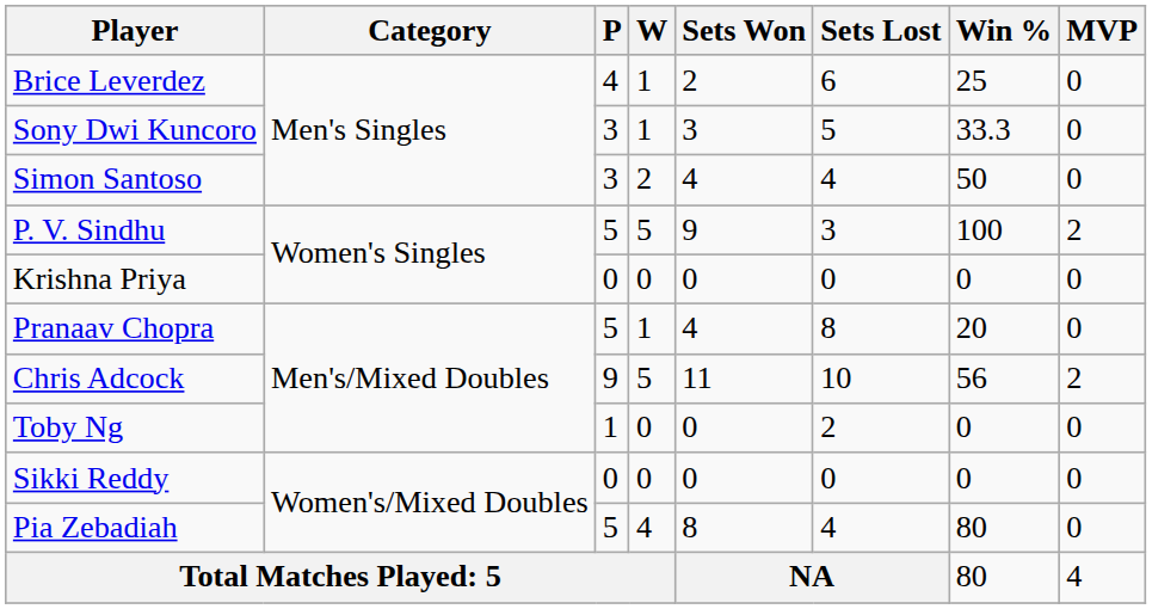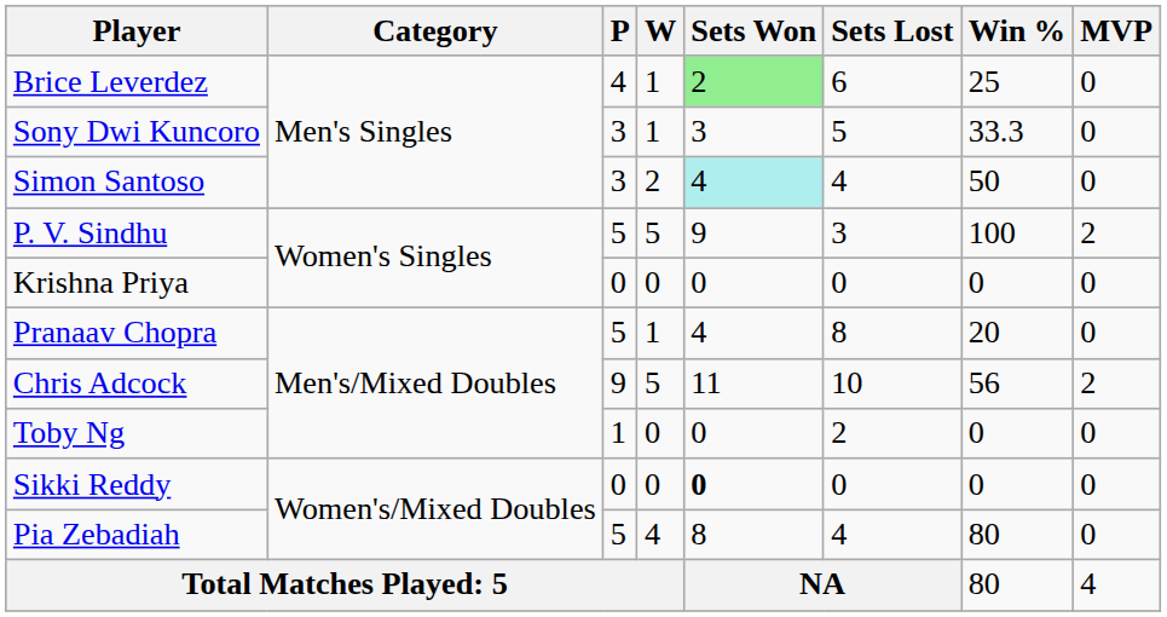 <table class="wikitable">
 <tr>
 <th>Player</th>
 <th>Category</th>
 <th>P</th>
 <th>W</th>
 <th>Sets Won</th>
 <th>Sets Lost</th>
 <th>Win %</th>
 <th>MVP</th>
 </tr>
 <tr>
 <td> <a href='#'>Brice Leverdez</a></td>
 <td rowspan="3">Men's Singles</td>
 <td>4</td>
 <td>1</td>
-<td>2</td>
+<td style="background: lightgreen;">2</td>
 <td>6</td>
 <td>25</td>
 <td>0</td>
 </tr>
 <tr>
 <td> <a href='#'>Sony Dwi Kuncoro</a></td>
 <td>3</td>
 <td>1</td>
 <td>3</td>
 <td>5</td>
 <td>33.3</td>
 <td>0</td>
 </tr>
 <tr>
 <td> <a href='#'>Simon Santoso</a></td>
 <td>3</td>
 <td>2</td>
-<td>4</td>
+<td style="background: paleturquoise;">4</td>
 <td>4</td>
 <td>50</td>
 <td>0</td>
 </tr>
 <tr>
 <td> <a href='#'>P. V. Sindhu</a></td>
 <td rowspan="2">Women's Singles</td>
 <td>5</td>
 <td>5</td>
 <td>9</td>
 <td>3</td>
 <td>100</td>
 <td>2</td>
 </tr>
 <tr>
 <td> Krishna Priya</td>
 <td>0</td>
 <td>0</td>
 <td>0</td>
 <td>0</td>
 <td>0</td>
 <td>0</td>
 </tr>
 <tr>
 <td> <a href='#'>Pranaav Chopra</a></td>
 <td rowspan="3">Men's/Mixed Doubles</td>
 <td>5</td>
 <td>1</td>
 <td>4</td>
 <td>8</td>
 <td>20</td>
 <td>0</td>
 </tr>
 <tr>
 <td> <a href='#'>Chris Adcock</a></td>
 <td>9</td>
 <td>5</td>
 <td>11</td>
 <td>10</td>
 <td>56</td>
 <td>2</td>
 </tr>
 <tr>
 <td> <a href='#'>Toby Ng</a></td>
 <td>1</td>
 <td>0</td>
 <td>0</td>
 <td>2</td>
 <td>0</td>
 <td>0</td>
 </tr>
 <tr>
 <td> <a href='#'>Sikki Reddy</a></td>
 <td rowspan="2">Women's/Mixed Doubles</td>
 <td>0</td>
 <td>0</td>
-<td>0</td>
+<td><strong>0</strong></td>
 <td>0</td>
 <td>0</td>
 <td>0</td>
 </tr>
 <tr>
 <td> <a href='#'>Pia Zebadiah</a></td>
 <td>5</td>
 <td>4</td>
 <td>8</td>
 <td>4</td>
 <td>80</td>
 <td>0</td>
 </tr>
 <tr>
 <th colspan="4">Total Matches Played: 5</th>
 <th colspan="2">NA</th>
 <td>80</td>
 <td>4</td>
 </tr>
 </table>
